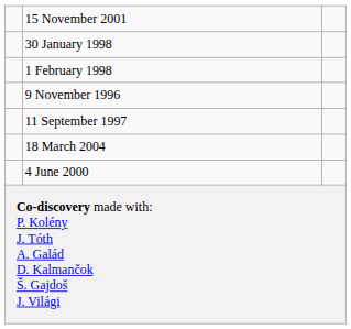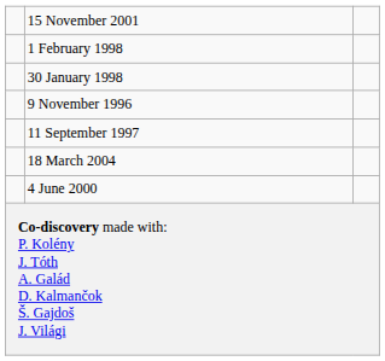 <table class="wikitable" style="font-size: 89%; float: left; width: 26em; margin-right: 1em; height: 345px;">
 <tr>
 <td></td>
 <td>15 November 2001</td>
 <td> </td>
 </tr>
 <tr>
 <td></td>
-<td>30 January 1998</td>
+<td>1 February 1998</td>
 <td> </td>
 </tr>
 <tr>
 <td></td>
-<td>1 February 1998</td>
+<td>30 January 1998</td>
 <td> </td>
 </tr>
 <tr>
 <td></td>
 <td>9 November 1996</td>
 <td> </td>
 </tr>
 <tr>
 <td></td>
 <td>11 September 1997</td>
 <td> </td>
 </tr>
 <tr>
 <td></td>
 <td>18 March 2004</td>
 <td> </td>
 </tr>
 <tr>
 <td></td>
 <td>4 June 2000</td>
 <td> </td>
 </tr>
 <tr>
 <th colspan=3 style="font-weight: normal; text-align: left; padding: 4px 12px;"><strong>Co-discovery</strong> made with:<br> <a href='#'>P. Kolény</a><br> <a href='#'>J. Tóth</a><br> <a href='#'>A. Galád</a><br> <a href='#'>D. Kalmančok</a><br> <a href='#'>Š. Gajdoš</a><br> <a href='#'>J. Világi</a></th>
 </tr>
 </table>
